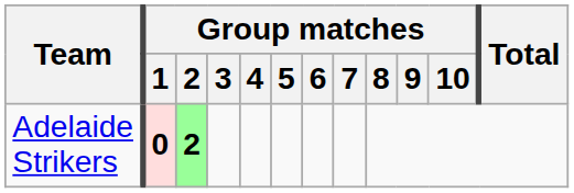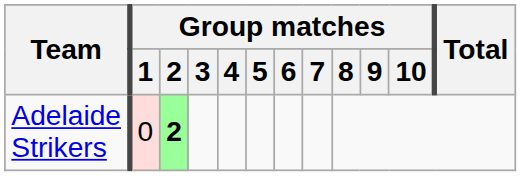 <table class="wikitable">
 <tr>
 <th rowspan="2" style="border-right: 3px solid #454545">Team</th>
 <th colspan="10">Group matches</th>
 <th rowspan="2" style="border-left: 3px solid #454545">Total</th>
 </tr>
 <tr>
 <th>1</th>
 <th>2</th>
 <th>3</th>
 <th>4</th>
 <th>5</th>
 <th>6</th>
 <th>7</th>
 <th>8</th>
 <th>9</th>
 <th>10</th>
 </tr>
 <tr align="center">
 <td style="border-right: 3px solid #454545" align="left"><a href='#'>Adelaide<br>Strikers</a></td>
-<td style="background:  #FFDDDD"><strong>0</strong></td>
+<td style="background:  #FFDDDD">0</td>
 <td style="background: #99FF99"><strong>2</strong></td>
 <td></td>
 <td></td>
 <td></td>
 <td></td>
 <td></td>
 </tr>
 </table>
